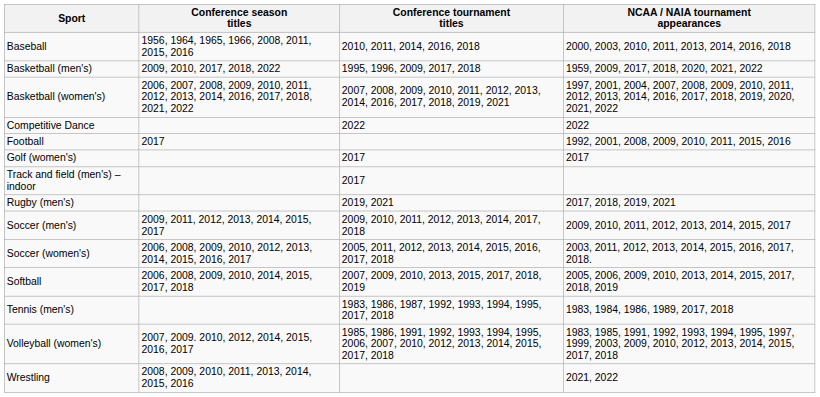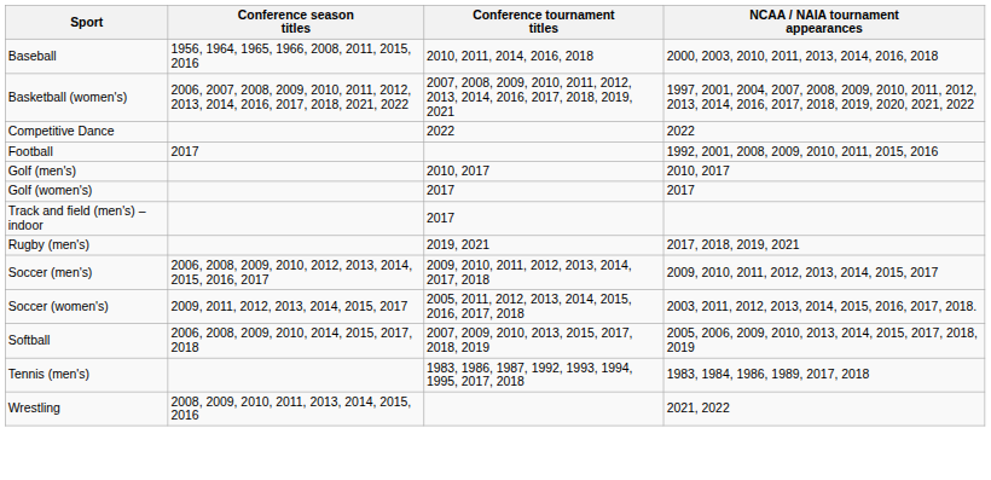 <table class="wikitable"; style= "text-align: ">
 <tr>
 <th width=200px>Sport</th>
 <th>Conference season<br>titles</th>
 <th>Conference tournament<br> titles</th>
 <th>NCAA / NAIA tournament<br> appearances</th>
 </tr>
 <tr>
 <td>Baseball</td>
 <td>1956, 1964, 1965, 1966, 2008, 2011, 2015, 2016</td>
 <td>2010, 2011, 2014, 2016, 2018</td>
 <td>2000, 2003, 2010, 2011, 2013, 2014, 2016, 2018</td>
-</tr>
-<tr>
-<td>Basketball (men's)</td>
-<td>2009, 2010, 2017, 2018, 2022</td>
-<td>1995, 1996, 2009, 2017, 2018</td>
-<td>1959, 2009, 2017, 2018, 2020, 2021, 2022</td>
 </tr>
 <tr>
 <td>Basketball (women's)</td>
 <td>2006, 2007, 2008, 2009, 2010, 2011, 2012, 2013, 2014, 2016, 2017, 2018, 2021, 2022</td>
 <td>2007, 2008, 2009, 2010, 2011, 2012, 2013, 2014, 2016, 2017, 2018, 2019, 2021</td>
 <td>1997, 2001, 2004, 2007, 2008, 2009, 2010, 2011, 2012, 2013, 2014, 2016, 2017, 2018, 2019, 2020, 2021, 2022</td>
 </tr>
 <tr>
 <td>Competitive Dance</td>
 <td></td>
 <td>2022</td>
 <td>2022</td>
 </tr>
 <tr>
 <td>Football</td>
 <td>2017</td>
 <td></td>
 <td>1992, 2001, 2008, 2009, 2010, 2011, 2015, 2016</td>
+</tr>
+<tr>
+<td>Golf (men's)</td>
+<td></td>
+<td>2010, 2017</td>
+<td>2010, 2017</td>
 </tr>
 <tr>
 <td>Golf (women's)</td>
 <td></td>
 <td>2017</td>
 <td>2017</td>
 </tr>
 <tr>
 <td>Track and field (men's) –indoor</td>
 <td></td>
 <td>2017</td>
 <td></td>
 </tr>
 <tr>
 <td>Rugby (men's)</td>
 <td></td>
 <td>2019, 2021</td>
 <td>2017, 2018, 2019, 2021</td>
 </tr>
 <tr>
 <td>Soccer (men's)</td>
-<td>2009, 2011, 2012, 2013, 2014, 2015, 2017</td>
+<td>2006, 2008, 2009, 2010, 2012, 2013, 2014, 2015, 2016, 2017</td>
 <td>2009, 2010, 2011, 2012, 2013, 2014, 2017, 2018</td>
 <td>2009, 2010, 2011, 2012, 2013, 2014, 2015, 2017</td>
 </tr>
 <tr>
 <td>Soccer (women's)</td>
-<td>2006, 2008, 2009, 2010, 2012, 2013, 2014, 2015, 2016, 2017</td>
+<td>2009, 2011, 2012, 2013, 2014, 2015, 2017</td>
 <td>2005, 2011, 2012, 2013, 2014, 2015, 2016, 2017, 2018           </td>
 <td>2003, 2011, 2012, 2013, 2014, 2015, 2016, 2017, 2018.</td>
 </tr>
 <tr>
 <td>Softball</td>
 <td>2006, 2008, 2009, 2010, 2014, 2015, 2017, 2018</td>
 <td>2007, 2009, 2010, 2013, 2015, 2017, 2018, 2019</td>
 <td>2005, 2006, 2009, 2010, 2013, 2014, 2015, 2017, 2018, 2019</td>
 </tr>
 <tr>
 <td>Tennis (men's)</td>
 <td></td>
 <td>1983, 1986, 1987, 1992, 1993, 1994, 1995, 2017, 2018</td>
 <td>1983, 1984, 1986, 1989, 2017, 2018</td>
 </tr>
 <tr>
-<td>Volleyball (women's)</td>
-<td>2007, 2009. 2010, 2012, 2014, 2015, 2016, 2017</td>
-<td>1985, 1986, 1991, 1992, 1993, 1994, 1995, 2006, 2007, 2010, 2012, 2013, 2014, 2015, 2017, 2018</td>
-<td>1983, 1985, 1991, 1992, 1993, 1994, 1995, 1997, 1999, 2003, 2009, 2010, 2012, 2013, 2014, 2015, 2017, 2018</td>
-</tr>
-<tr>
 <td>Wrestling</td>
 <td>2008, 2009, 2010, 2011, 2013, 2014, 2015, 2016</td>
 <td></td>
 <td>2021, 2022</td>
 </tr>
 </table>
